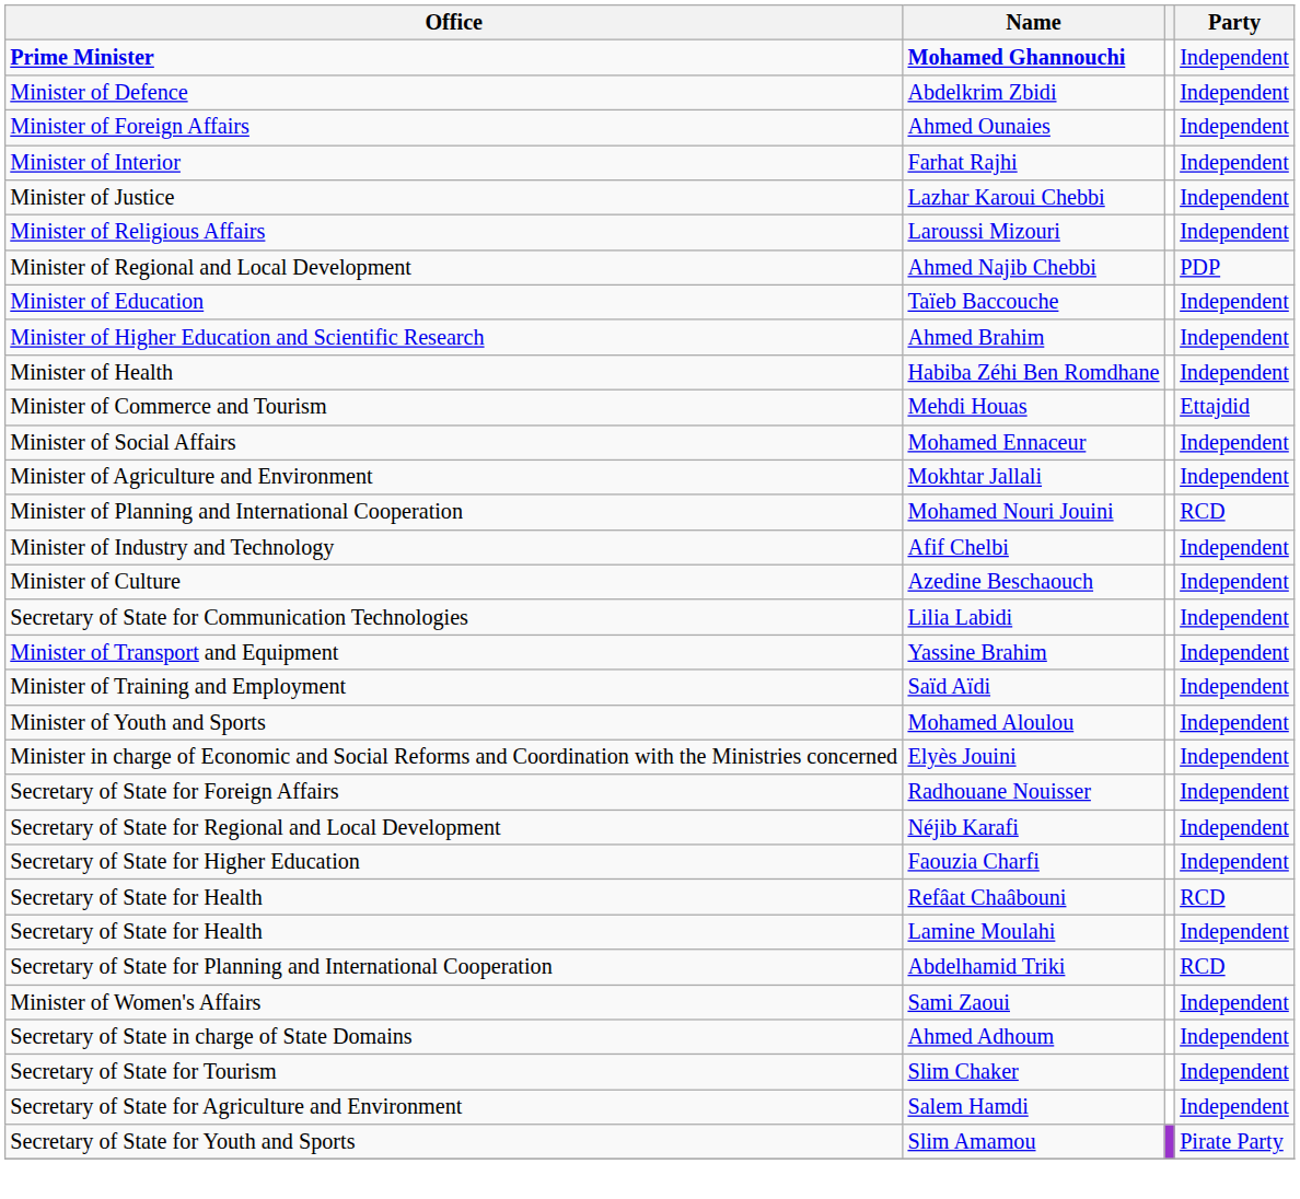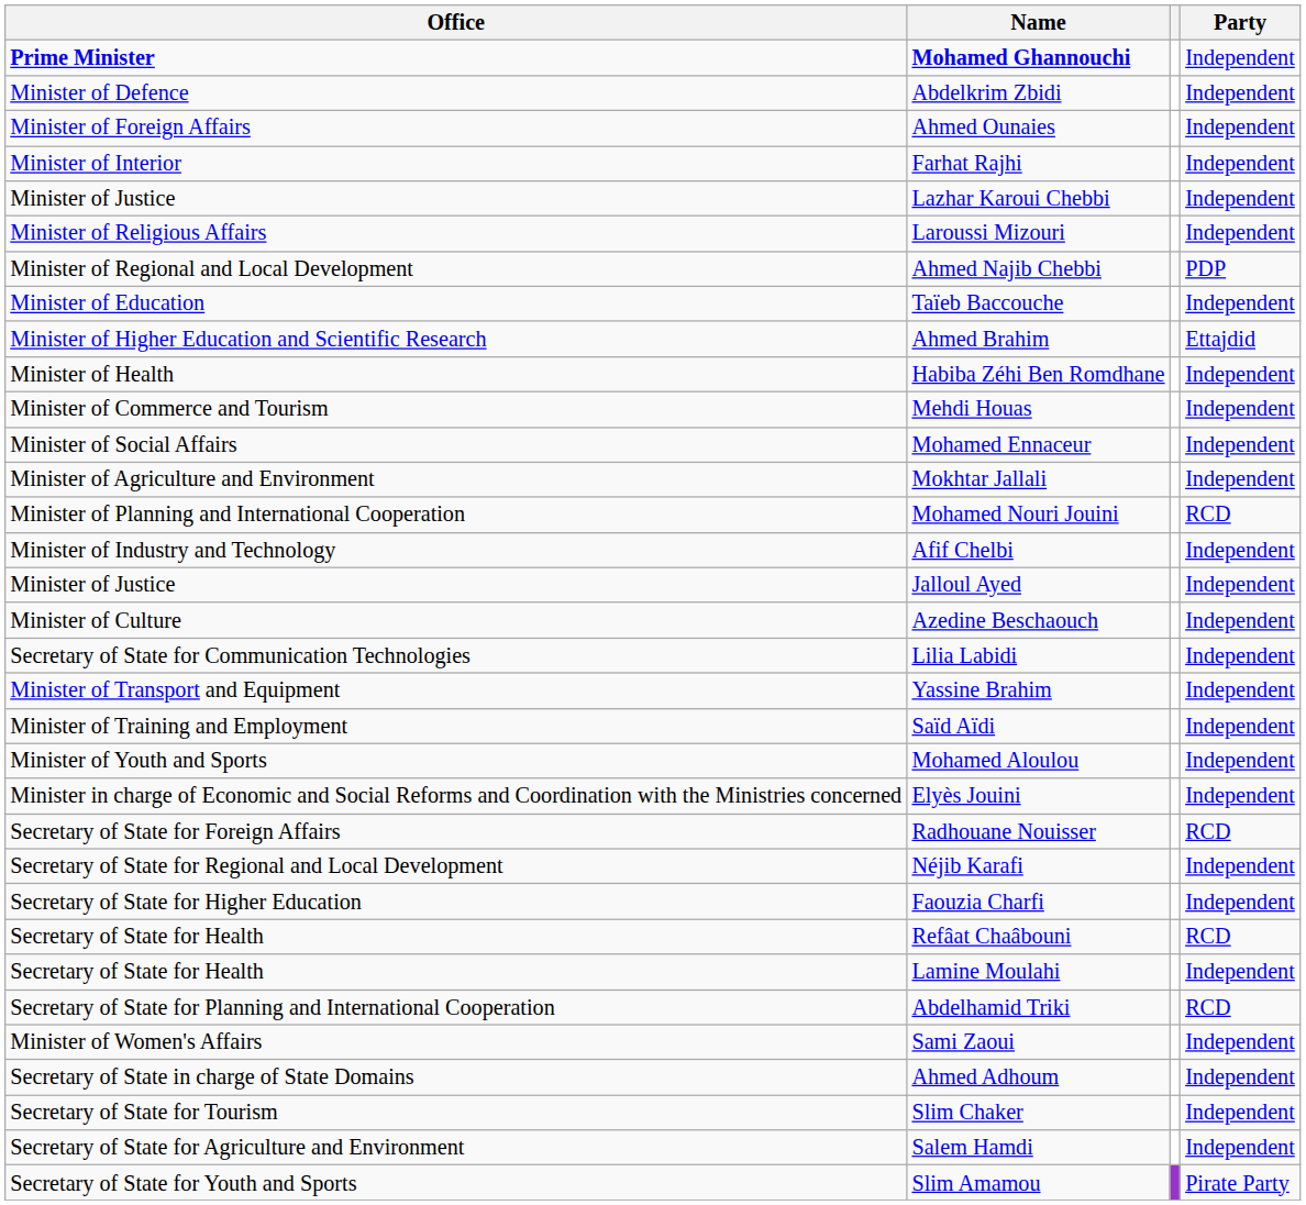 <table class="wikitable">
 <tr>
 <th>Office</th>
 <th>Name</th>
 <th></th>
 <th>Party</th>
 </tr>
 <tr>
 <td><strong><a href='#'>Prime Minister</a></strong></td>
 <td><strong><a href='#'>Mohamed Ghannouchi</a></strong></td>
 <td bgcolor="#fff"></td>
 <td><a href='#'>Independent</a></td>
 </tr>
 <tr>
 <td><a href='#'>Minister of Defence</a></td>
 <td><a href='#'>Abdelkrim Zbidi</a></td>
 <td bgcolor="#fff"></td>
 <td><a href='#'>Independent</a></td>
 </tr>
 <tr>
 <td><a href='#'>Minister of Foreign Affairs</a></td>
 <td><a href='#'>Ahmed Ounaies</a></td>
 <td bgcolor="#fff"></td>
 <td><a href='#'>Independent</a></td>
 </tr>
 <tr>
 <td><a href='#'>Minister of Interior</a></td>
 <td><a href='#'>Farhat Rajhi</a></td>
 <td bgcolor="#fff"></td>
 <td><a href='#'>Independent</a></td>
 </tr>
 <tr>
 <td>Minister of Justice</td>
 <td><a href='#'>Lazhar Karoui Chebbi</a></td>
 <td bgcolor="#fff"></td>
 <td><a href='#'>Independent</a></td>
 </tr>
 <tr>
 <td><a href='#'>Minister of Religious Affairs</a></td>
 <td><a href='#'>Laroussi Mizouri</a></td>
 <td bgcolor="#fff"></td>
 <td><a href='#'>Independent</a></td>
 </tr>
 <tr>
 <td>Minister of Regional and Local Development</td>
 <td><a href='#'>Ahmed Najib Chebbi</a></td>
 <td></td>
 <td><a href='#'>PDP</a></td>
 </tr>
 <tr>
 <td><a href='#'>Minister of Education</a></td>
 <td><a href='#'>Taïeb Baccouche</a></td>
 <td bgcolor="#fff"></td>
 <td><a href='#'>Independent</a></td>
 </tr>
 <tr>
 <td><a href='#'>Minister of Higher Education and Scientific Research</a></td>
 <td><a href='#'>Ahmed Brahim</a></td>
 <td></td>
-<td><a href='#'>Independent</a></td>
+<td><a href='#'>Ettajdid</a></td>
 </tr>
 <tr>
 <td>Minister of Health</td>
 <td><a href='#'>Habiba Zéhi Ben Romdhane</a></td>
 <td bgcolor="#fff"></td>
 <td><a href='#'>Independent</a></td>
 </tr>
 <tr>
 <td>Minister of Commerce and Tourism</td>
 <td><a href='#'>Mehdi Houas</a></td>
 <td bgcolor="#fff"></td>
-<td><a href='#'>Ettajdid</a></td>
+<td><a href='#'>Independent</a></td>
 </tr>
 <tr>
 <td>Minister of Social Affairs</td>
 <td><a href='#'>Mohamed Ennaceur</a></td>
 <td bgcolor="#fff"></td>
 <td><a href='#'>Independent</a></td>
 </tr>
 <tr>
 <td>Minister of Agriculture and Environment</td>
 <td><a href='#'>Mokhtar Jallali</a></td>
 <td bgcolor="#fff"></td>
 <td><a href='#'>Independent</a></td>
 </tr>
 <tr>
 <td>Minister of Planning and International Cooperation</td>
 <td><a href='#'>Mohamed Nouri Jouini</a></td>
 <td bgcolor="#fff"></td>
 <td><a href='#'>RCD</a></td>
 </tr>
 <tr>
 <td>Minister of Industry and Technology</td>
 <td><a href='#'>Afif Chelbi</a></td>
+<td bgcolor="#fff"></td>
+<td><a href='#'>Independent</a></td>
+</tr>
+<tr>
+<td>Minister of Justice</td>
+<td><a href='#'>Jalloul Ayed</a></td>
 <td bgcolor="#fff"></td>
 <td><a href='#'>Independent</a></td>
 </tr>
 <tr>
 <td>Minister of Culture</td>
 <td><a href='#'>Azedine Beschaouch</a></td>
 <td bgcolor="#fff"></td>
 <td><a href='#'>Independent</a></td>
 </tr>
 <tr>
 <td>Secretary of State for Communication Technologies</td>
 <td><a href='#'>Lilia Labidi</a></td>
 <td bgcolor="#fff"></td>
 <td><a href='#'>Independent</a></td>
 </tr>
 <tr>
 <td><a href='#'>Minister of Transport</a> and Equipment</td>
 <td><a href='#'>Yassine Brahim</a></td>
 <td bgcolor="#fff"></td>
 <td><a href='#'>Independent</a></td>
 </tr>
 <tr>
 <td>Minister of Training and Employment</td>
 <td><a href='#'>Saïd Aïdi</a></td>
 <td bgcolor="#fff"></td>
 <td><a href='#'>Independent</a></td>
 </tr>
 <tr>
 <td>Minister of Youth and Sports</td>
 <td><a href='#'>Mohamed Aloulou</a></td>
 <td bgcolor="#fff"></td>
 <td><a href='#'>Independent</a></td>
 </tr>
 <tr>
 <td>Minister in charge of Economic and Social Reforms and Coordination with the Ministries concerned</td>
 <td><a href='#'>Elyès Jouini</a></td>
 <td bgcolor="#fff"></td>
 <td><a href='#'>Independent</a></td>
 </tr>
 <tr>
 <td>Secretary of State for Foreign Affairs</td>
 <td><a href='#'>Radhouane Nouisser</a></td>
 <td bgcolor="#fff"></td>
-<td><a href='#'>Independent</a></td>
+<td><a href='#'>RCD</a></td>
 </tr>
 <tr>
 <td>Secretary of State for Regional and Local Development</td>
 <td><a href='#'>Néjib Karafi</a></td>
 <td bgcolor="#fff"></td>
 <td><a href='#'>Independent</a></td>
 </tr>
 <tr>
 <td>Secretary of State for Higher Education</td>
 <td><a href='#'>Faouzia Charfi</a></td>
 <td bgcolor="#fff"></td>
 <td><a href='#'>Independent</a></td>
 </tr>
 <tr>
 <td>Secretary of State for Health</td>
 <td><a href='#'>Refâat Chaâbouni</a></td>
 <td></td>
 <td><a href='#'>RCD</a></td>
 </tr>
 <tr>
 <td>Secretary of State for Health</td>
 <td><a href='#'>Lamine Moulahi</a></td>
 <td bgcolor="#fff"></td>
 <td><a href='#'>Independent</a></td>
 </tr>
 <tr>
 <td>Secretary of State for Planning and International Cooperation</td>
 <td><a href='#'>Abdelhamid Triki</a></td>
 <td></td>
 <td><a href='#'>RCD</a></td>
 </tr>
 <tr>
 <td>Minister of Women's Affairs</td>
 <td><a href='#'>Sami Zaoui</a></td>
 <td bgcolor="#fff"></td>
 <td><a href='#'>Independent</a></td>
 </tr>
 <tr>
 <td>Secretary of State in charge of State Domains</td>
 <td><a href='#'>Ahmed Adhoum</a></td>
 <td bgcolor="#fff"></td>
 <td><a href='#'>Independent</a></td>
 </tr>
 <tr>
 <td>Secretary of State for Tourism</td>
 <td><a href='#'>Slim Chaker</a></td>
 <td bgcolor="#fff"></td>
 <td><a href='#'>Independent</a></td>
 </tr>
 <tr>
 <td>Secretary of State for Agriculture and Environment</td>
 <td><a href='#'>Salem Hamdi</a></td>
 <td bgcolor="#fff"></td>
 <td><a href='#'>Independent</a></td>
 </tr>
 <tr>
 <td>Secretary of State for Youth and Sports</td>
 <td><a href='#'>Slim Amamou</a></td>
 <td bgcolor="#9932CC"></td>
 <td><a href='#'>Pirate Party</a></td>
 </tr>
 <tr>
 </tr>
 </table>
